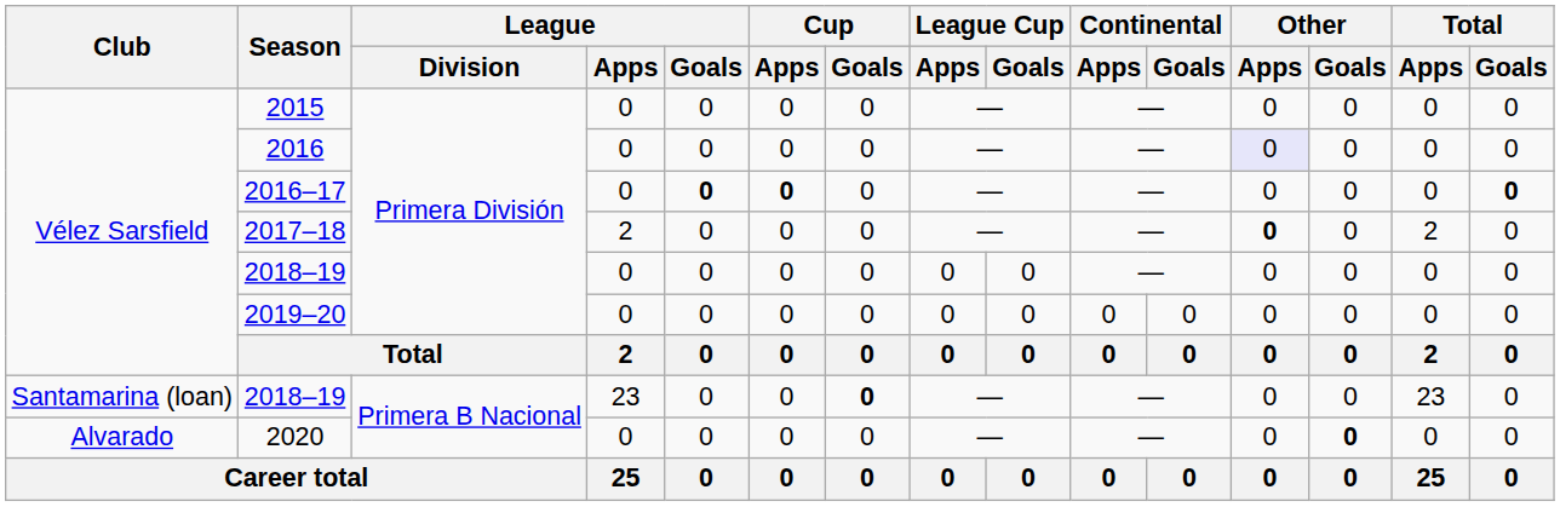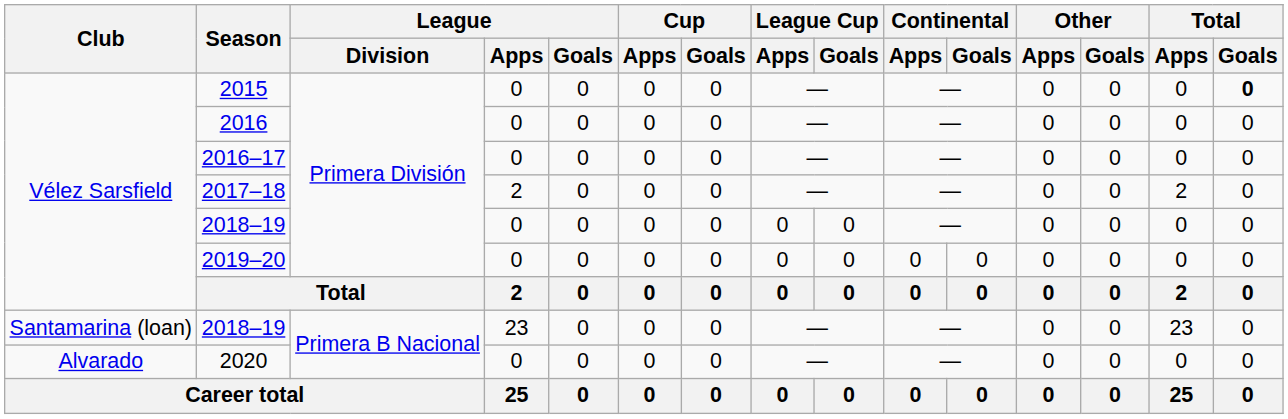 <table class="wikitable" style="text-align:center">
 <tr>
 <th rowspan="2">Club</th>
 <th rowspan="2">Season</th>
 <th colspan="3">League</th>
 <th colspan="2">Cup</th>
 <th colspan="2">League Cup</th>
 <th colspan="2">Continental</th>
 <th colspan="2">Other</th>
 <th colspan="2">Total</th>
 </tr>
 <tr>
 <th>Division</th>
 <th>Apps</th>
 <th>Goals</th>
 <th>Apps</th>
 <th>Goals</th>
 <th>Apps</th>
 <th>Goals</th>
 <th>Apps</th>
 <th>Goals</th>
 <th>Apps</th>
 <th>Goals</th>
 <th>Apps</th>
 <th>Goals</th>
 </tr>
 <tr>
 <td rowspan="7"><a href='#'>Vélez Sarsfield</a></td>
 <td><a href='#'>2015</a></td>
 <td rowspan="6"><a href='#'>Primera División</a></td>
 <td>0</td>
 <td>0</td>
 <td>0</td>
 <td>0</td>
 <td colspan="2">—</td>
 <td colspan="2">—</td>
 <td>0</td>
 <td>0</td>
 <td>0</td>
-<td>0</td>
+<td><strong>0</strong></td>
 </tr>
 <tr>
 <td><a href='#'>2016</a></td>
 <td>0</td>
 <td>0</td>
 <td>0</td>
 <td>0</td>
 <td colspan="2">—</td>
 <td colspan="2">—</td>
-<td style="background: lavender;">0</td>
+<td>0</td>
 <td>0</td>
 <td>0</td>
 <td>0</td>
 </tr>
 <tr>
 <td><a href='#'>2016–17</a></td>
 <td>0</td>
-<td><strong>0</strong></td>
-<td><strong>0</strong></td>
+<td>0</td>
+<td>0</td>
 <td>0</td>
 <td colspan="2">—</td>
 <td colspan="2">—</td>
 <td>0</td>
 <td>0</td>
 <td>0</td>
-<td><strong>0</strong></td>
+<td>0</td>
 </tr>
 <tr>
 <td><a href='#'>2017–18</a></td>
 <td>2</td>
 <td>0</td>
 <td>0</td>
 <td>0</td>
 <td colspan="2">—</td>
 <td colspan="2">—</td>
-<td><strong>0</strong></td>
+<td>0</td>
 <td>0</td>
 <td>2</td>
 <td>0</td>
 </tr>
 <tr>
 <td><a href='#'>2018–19</a></td>
 <td>0</td>
 <td>0</td>
 <td>0</td>
 <td>0</td>
 <td>0</td>
 <td>0</td>
 <td colspan="2">—</td>
 <td>0</td>
 <td>0</td>
 <td>0</td>
 <td>0</td>
 </tr>
 <tr>
 <td><a href='#'>2019–20</a></td>
 <td>0</td>
 <td>0</td>
 <td>0</td>
 <td>0</td>
 <td>0</td>
 <td>0</td>
 <td>0</td>
 <td>0</td>
 <td>0</td>
 <td>0</td>
 <td>0</td>
 <td>0</td>
 </tr>
 <tr>
 <th colspan="2">Total</th>
 <th>2</th>
 <th>0</th>
 <th>0</th>
 <th>0</th>
 <th>0</th>
 <th>0</th>
 <th>0</th>
 <th>0</th>
 <th>0</th>
 <th>0</th>
 <th>2</th>
 <th>0</th>
 </tr>
 <tr>
 <td rowspan="1"><a href='#'>Santamarina</a> (loan)</td>
 <td><a href='#'>2018–19</a></td>
 <td rowspan="2"><a href='#'>Primera B Nacional</a></td>
 <td>23</td>
 <td>0</td>
 <td>0</td>
-<td><strong>0</strong></td>
+<td>0</td>
 <td colspan="2">—</td>
 <td colspan="2">—</td>
 <td>0</td>
 <td>0</td>
 <td>23</td>
 <td>0</td>
 </tr>
 <tr>
 <td rowspan="1"><a href='#'>Alvarado</a></td>
 <td>2020</td>
 <td>0</td>
 <td>0</td>
 <td>0</td>
 <td>0</td>
 <td colspan="2">—</td>
 <td colspan="2">—</td>
 <td>0</td>
-<td><strong>0</strong></td>
+<td>0</td>
 <td>0</td>
 <td>0</td>
 </tr>
 <tr>
 <th colspan="3">Career total</th>
 <th>25</th>
 <th>0</th>
 <th>0</th>
 <th>0</th>
 <th>0</th>
 <th>0</th>
 <th>0</th>
 <th>0</th>
 <th>0</th>
 <th>0</th>
 <th>25</th>
 <th>0</th>
 </tr>
 </table>
